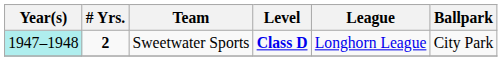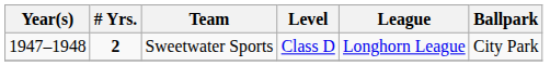 <table class="wikitable" style="text-align:center; font-size: 95%;">
 <tr>
 <th>Year(s)</th>
 <th># Yrs.</th>
 <th>Team</th>
 <th>Level</th>
 <th>League</th>
 <th>Ballpark</th>
 </tr>
 <tr>
-<td style="background: paleturquoise;">1947–1948</td>
+<td>1947–1948</td>
 <td><strong>2</strong></td>
 <td>Sweetwater Sports</td>
-<td><strong><a href='#'>Class D</a></strong></td>
+<td><a href='#'>Class D</a></td>
 <td><a href='#'>Longhorn League</a></td>
 <td>City Park</td>
 </tr>
 <tr>
 </tr>
 </table>
